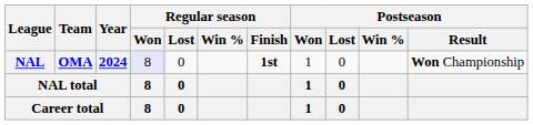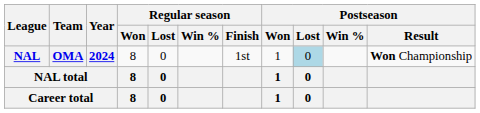 <table class="wikitable" style="font-size: 95%; text-align:center;">
 <tr>
 <th rowspan=2>League</th>
 <th rowspan=2>Team</th>
 <th rowspan=2>Year</th>
 <th colspan=4>Regular season</th>
 <th colspan=4>Postseason</th>
 </tr>
 <tr>
 <th>Won</th>
 <th>Lost</th>
 <th>Win %</th>
 <th>Finish</th>
 <th>Won</th>
 <th>Lost</th>
 <th>Win %</th>
 <th>Result</th>
 </tr>
 <tr ! |->
 <th><a href='#'>NAL</a></th>
 <th><a href='#'>OMA</a></th>
 <th><a href='#'>2024</a></th>
-<td style="background: lavender;">8</td>
+<td>8</td>
 <td>0</td>
 <td></td>
-<td><strong>1st</strong></td>
+<td>1st</td>
 <td>1</td>
-<td>0</td>
+<td style="background: lightblue;">0</td>
 <td></td>
 <td><strong>Won</strong> Championship</td>
 </tr>
 <tr>
 <th colspan=3>NAL total</th>
 <th>8</th>
 <th>0</th>
 <th></th>
 <th></th>
 <th>1</th>
 <th>0</th>
 <th></th>
 <th></th>
 </tr>
 <tr>
 <th colspan=3>Career total</th>
 <th>8</th>
 <th>0</th>
 <th></th>
 <th></th>
 <th>1</th>
 <th>0</th>
 <th></th>
 <th></th>
 </tr>
 </table>
